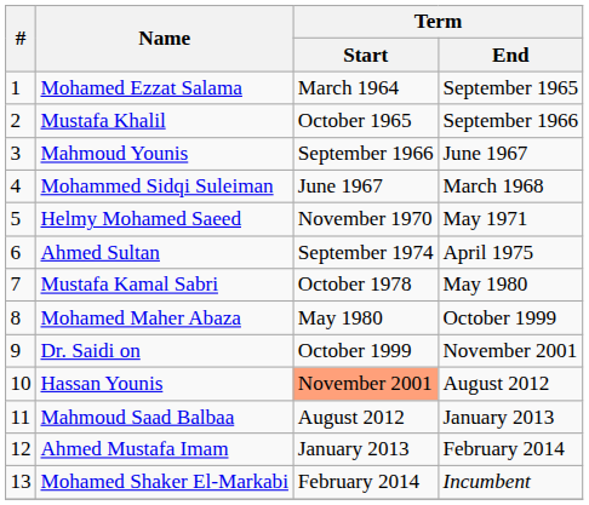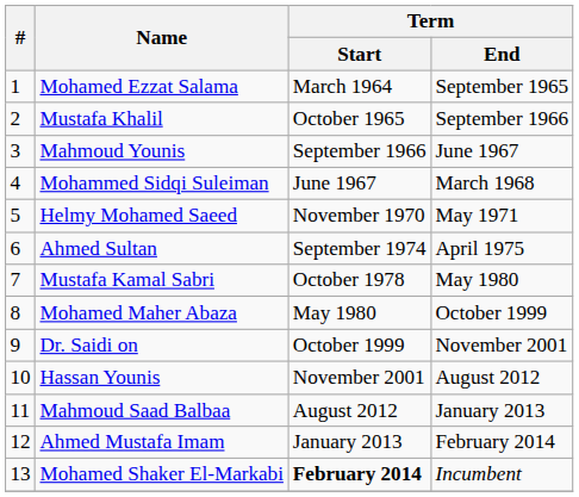 <table class="wikitable">
 <tr>
 <th rowspan="2">#</th>
 <th rowspan="2">Name</th>
 <th colspan="2">Term</th>
 </tr>
 <tr>
 <th>Start</th>
 <th>End</th>
 </tr>
 <tr>
 <td>1</td>
 <td><a href='#'>Mohamed Ezzat Salama</a></td>
 <td>March 1964</td>
 <td>September 1965</td>
 </tr>
 <tr>
 <td>2</td>
 <td><a href='#'>Mustafa Khalil</a></td>
 <td>October 1965</td>
 <td>September 1966</td>
 </tr>
 <tr>
 <td>3</td>
 <td><a href='#'>Mahmoud Younis</a></td>
 <td>September 1966</td>
 <td>June 1967</td>
 </tr>
 <tr>
 <td>4</td>
 <td><a href='#'>Mohammed Sidqi Suleiman</a></td>
 <td>June 1967</td>
 <td>March 1968</td>
 </tr>
 <tr>
 <td>5</td>
 <td><a href='#'>Helmy Mohamed Saeed</a></td>
 <td>November 1970</td>
 <td>May 1971</td>
 </tr>
 <tr>
 <td>6</td>
 <td><a href='#'>Ahmed Sultan</a></td>
 <td>September 1974</td>
 <td>April 1975</td>
 </tr>
 <tr>
 <td>7</td>
 <td><a href='#'>Mustafa Kamal Sabri</a></td>
 <td>October 1978</td>
 <td>May 1980</td>
 </tr>
 <tr>
 <td>8</td>
 <td><a href='#'>Mohamed Maher Abaza</a></td>
 <td>May 1980</td>
 <td>October 1999</td>
 </tr>
 <tr>
 <td>9</td>
 <td><a href='#'>Dr. Saidi on</a></td>
 <td>October 1999</td>
 <td>November 2001</td>
 </tr>
 <tr>
 <td>10</td>
 <td><a href='#'>Hassan Younis</a></td>
-<td style="background: lightsalmon;">November 2001</td>
+<td>November 2001</td>
 <td>August 2012</td>
 </tr>
 <tr>
 <td>11</td>
 <td><a href='#'>Mahmoud Saad Balbaa</a></td>
 <td>August 2012</td>
 <td>January 2013</td>
 </tr>
 <tr>
 <td>12</td>
 <td><a href='#'>Ahmed Mustafa Imam</a></td>
 <td>January 2013</td>
 <td>February 2014</td>
 </tr>
 <tr>
 <td>13</td>
 <td><a href='#'>Mohamed Shaker El-Markabi</a></td>
-<td>February 2014</td>
+<td><strong>February 2014</strong></td>
 <td><em>Incumbent</em></td>
 </tr>
 <tr>
 </tr>
 </table>
